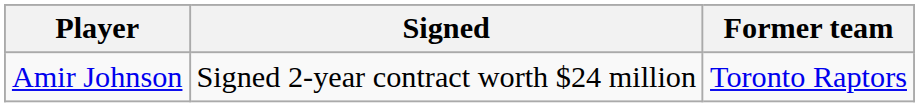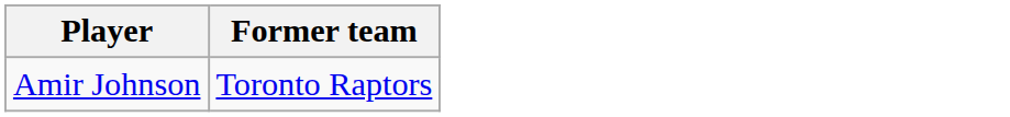 <table class="wikitable sortable sortable">
 <tr>
 <th>Player</th>
-<th>Signed</th>
 <th>Former team</th>
 </tr>
 <tr style="text-align: center">
 <td><a href='#'>Amir Johnson</a></td>
-<td>Signed 2-year contract worth $24 million</td>
 <td><a href='#'>Toronto Raptors</a></td>
 </tr>
 </table>
